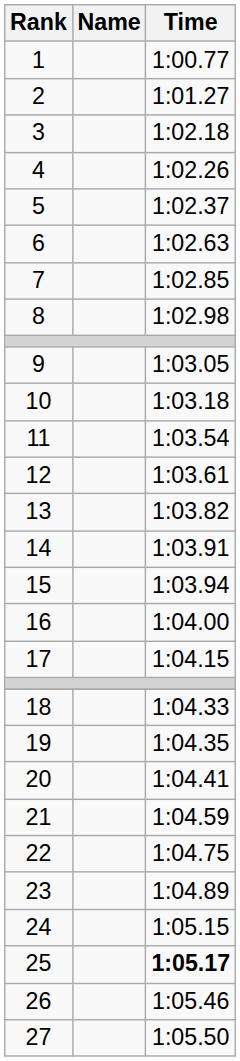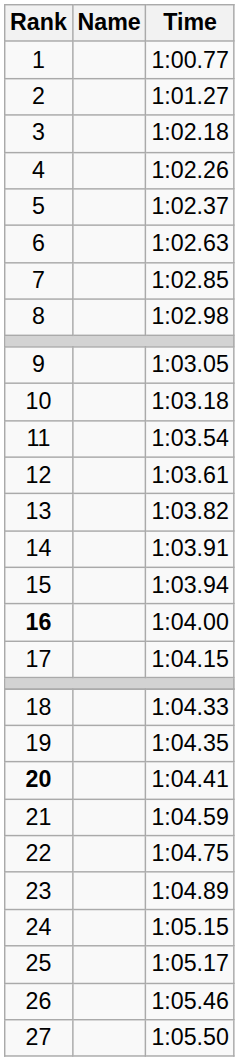 <table class="wikitable">
 <tr>
 <th>Rank</th>
 <th>Name</th>
 <th>Time</th>
 </tr>
 <tr>
 <td align="center">1</td>
 <td></td>
 <td align="center">1:00.77</td>
 </tr>
 <tr>
 <td align="center">2</td>
 <td></td>
 <td align="center">1:01.27</td>
 </tr>
 <tr>
 <td align="center">3</td>
 <td></td>
 <td align="center">1:02.18</td>
 </tr>
 <tr>
 <td align="center">4</td>
 <td></td>
 <td align="center">1:02.26</td>
 </tr>
 <tr>
 <td align="center">5</td>
 <td></td>
 <td align="center">1:02.37</td>
 </tr>
 <tr>
 <td align="center">6</td>
 <td></td>
 <td align="center">1:02.63</td>
 </tr>
 <tr>
 <td align="center">7</td>
 <td></td>
 <td align="center">1:02.85</td>
 </tr>
 <tr>
 <td align="center">8</td>
 <td></td>
 <td align="center">1:02.98</td>
 </tr>
 <tr>
 <td colspan=3 bgcolor=lightgray></td>
 </tr>
 <tr>
 <td align="center">9</td>
 <td></td>
 <td align="center">1:03.05</td>
 </tr>
 <tr>
 <td align="center">10</td>
 <td></td>
 <td align="center">1:03.18</td>
 </tr>
 <tr>
 <td align="center">11</td>
 <td></td>
 <td align="center">1:03.54</td>
 </tr>
 <tr>
 <td align="center">12</td>
 <td></td>
 <td align="center">1:03.61</td>
 </tr>
 <tr>
 <td align="center">13</td>
 <td></td>
 <td align="center">1:03.82</td>
 </tr>
 <tr>
 <td align="center">14</td>
 <td></td>
 <td align="center">1:03.91</td>
 </tr>
 <tr>
 <td align="center">15</td>
 <td></td>
 <td align="center">1:03.94</td>
 </tr>
 <tr>
-<td align="center">16</td>
+<td align="center"><strong>16</strong></td>
 <td></td>
 <td align="center">1:04.00</td>
 </tr>
 <tr>
 <td align="center">17</td>
 <td></td>
 <td align="center">1:04.15</td>
 </tr>
 <tr>
 <td colspan=3 bgcolor=lightgray></td>
 </tr>
 <tr>
 </tr>
 <tr>
 <td align="center">18</td>
 <td></td>
 <td align="center">1:04.33</td>
 </tr>
 <tr>
 <td align="center">19</td>
 <td></td>
 <td align="center">1:04.35</td>
 </tr>
 <tr>
-<td align="center">20</td>
+<td align="center"><strong>20</strong></td>
 <td></td>
 <td align="center">1:04.41</td>
 </tr>
 <tr>
 <td align="center">21</td>
 <td></td>
 <td align="center">1:04.59</td>
 </tr>
 <tr>
 <td align="center">22</td>
 <td></td>
 <td align="center">1:04.75</td>
 </tr>
 <tr>
 <td align="center">23</td>
 <td></td>
 <td align="center">1:04.89</td>
 </tr>
 <tr>
 <td align="center">24</td>
 <td></td>
 <td align="center">1:05.15</td>
 </tr>
 <tr>
 <td align="center">25</td>
 <td></td>
-<td align="center"><strong>1:05.17</strong></td>
+<td align="center">1:05.17</td>
 </tr>
 <tr>
 <td align="center">26</td>
 <td></td>
 <td align="center">1:05.46</td>
 </tr>
 <tr>
 <td align="center">27</td>
 <td></td>
 <td align="center">1:05.50</td>
 </tr>
 </table>
